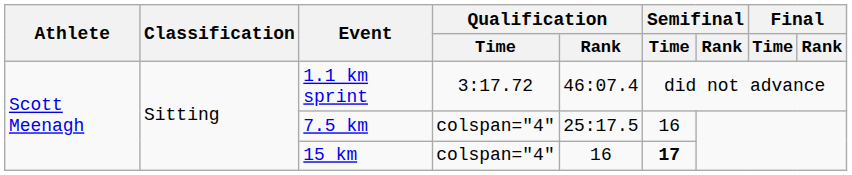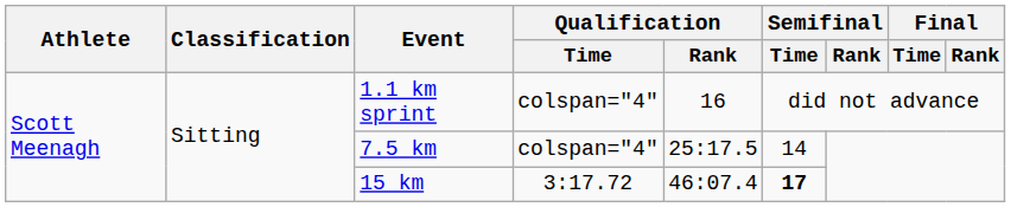 <table class="wikitable" style="font-size:100%">
 <tr>
 <th rowspan="2">Athlete</th>
 <th rowspan="2">Classification</th>
 <th rowspan="2">Event</th>
 <th colspan=2>Qualification</th>
 <th colspan=2>Semifinal</th>
 <th colspan=2>Final</th>
 </tr>
 <tr style="font-size:95%">
 <th>Time</th>
 <th>Rank</th>
 <th>Time</th>
 <th>Rank</th>
 <th>Time</th>
 <th>Rank</th>
 </tr>
 <tr align="center">
 <td align="left" rowspan=3><a href='#'>Scott Meenagh</a></td>
 <td align="left" rowspan=3>Sitting</td>
 <td align="left"><a href='#'>1.1 km sprint</a></td>
-<td>3:17.72</td>
-<td>46:07.4</td>
+<td>colspan="4" </td>
+<td>16</td>
 <td colspan=4>did not advance</td>
 </tr>
 <tr align="center">
 <td align="left"><a href='#'>7.5 km</a></td>
 <td>colspan="4" </td>
 <td>25:17.5</td>
-<td>16</td>
+<td>14</td>
 </tr>
 <tr align="center">
 <td align="left"><a href='#'>15 km</a></td>
-<td>colspan="4" </td>
-<td>16</td>
+<td>3:17.72</td>
+<td>46:07.4</td>
 <td><strong>17</strong></td>
 </tr>
 </table>
